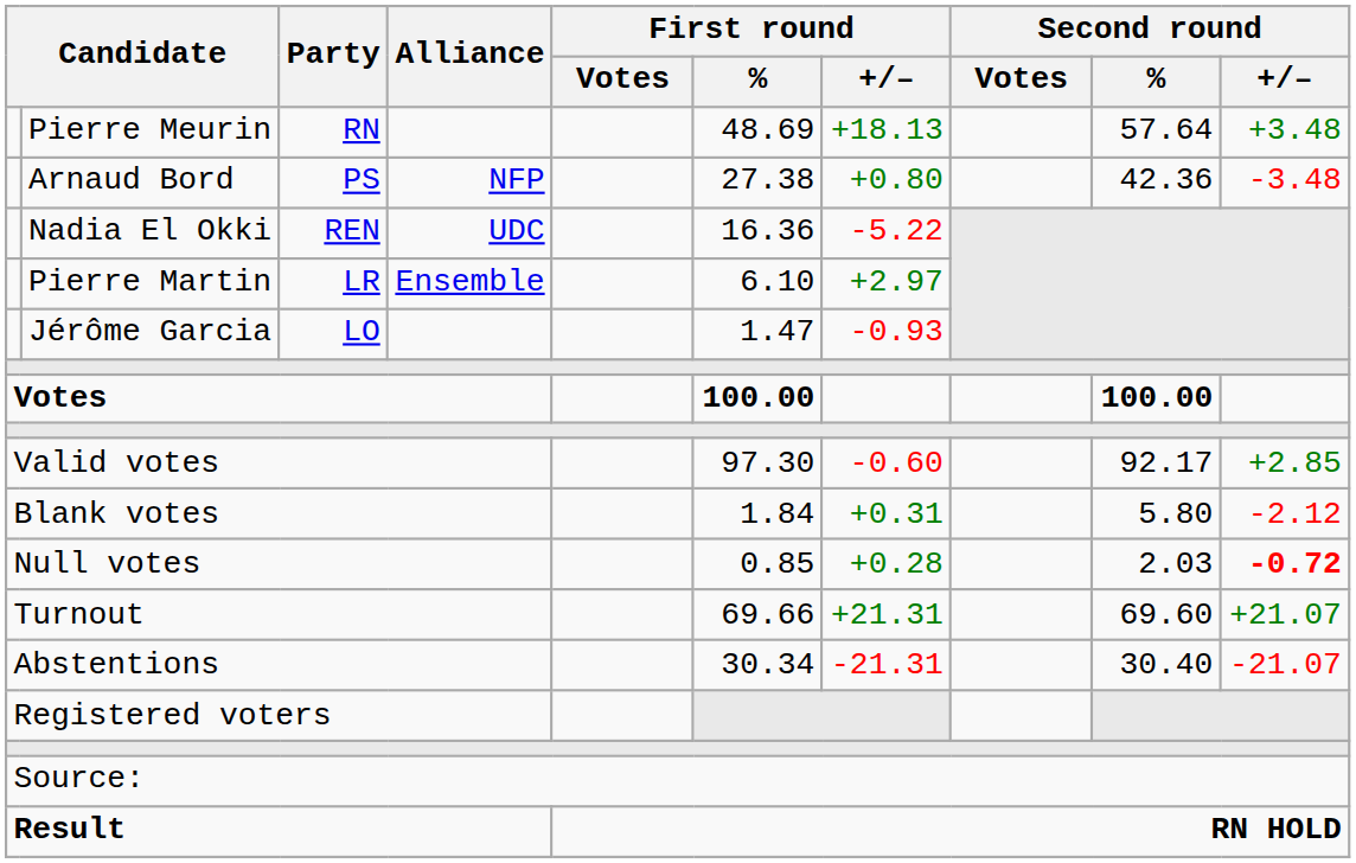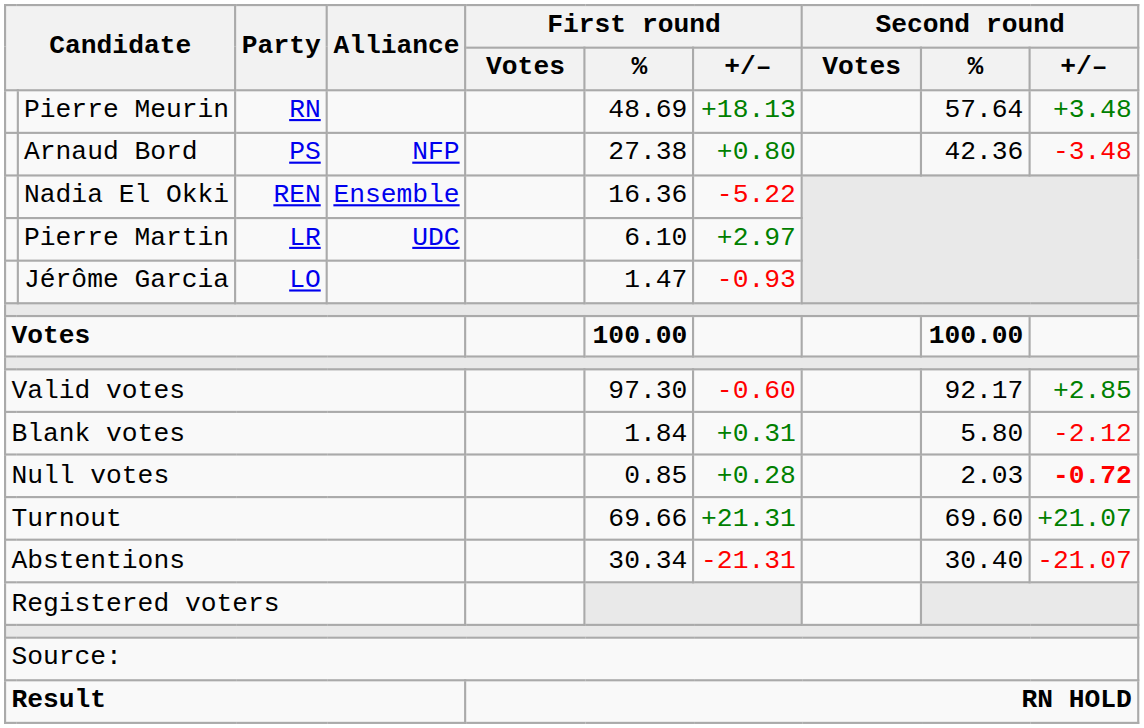 <table class="wikitable" style="text-align:right;font-size:95%;">
 <tr>
 <th rowspan="2" colspan="2">Candidate</th>
 <th colspan="1" rowspan="2">Party</th>
 <th colspan="1" rowspan="2">Alliance</th>
 <th colspan="3">First round</th>
 <th colspan="3">Second round</th>
 </tr>
 <tr>
 <th style="width:50px;">Votes</th>
 <th style="width:45px;">%</th>
 <th style="width:45px;">+/–</th>
 <th style="width:50px;">Votes</th>
 <th style="width:45px;">%</th>
 <th style="width:45px;">+/–</th>
 </tr>
 <tr>
 <td style="color:inherit;background:"></td>
 <td style="text-align:left;">Pierre Meurin</td>
 <td><a href='#'>RN</a></td>
 <td></td>
 <td></td>
 <td>48.69</td>
 <td style="color:green;">+18.13</td>
 <td></td>
 <td>57.64</td>
 <td style="color:green;">+3.48</td>
 </tr>
 <tr>
 <td style="color:inherit;background:"></td>
 <td style="text-align:left;">Arnaud Bord</td>
 <td><a href='#'>PS</a></td>
 <td><a href='#'>NFP</a></td>
 <td></td>
 <td>27.38</td>
 <td style="color:green;">+0.80</td>
 <td></td>
 <td>42.36</td>
 <td style="color:red;">-3.48</td>
 </tr>
 <tr>
 <td style="color:inherit;background:"></td>
 <td style="text-align:left;">Nadia El Okki</td>
 <td><a href='#'>REN</a></td>
-<td><a href='#'>UDC</a></td>
+<td><a href='#'>Ensemble</a></td>
 <td></td>
 <td>16.36</td>
 <td style="color:red;">-5.22</td>
 <td colspan="3" rowspan="3" style="background:#E9E9E9;"></td>
 </tr>
 <tr>
 <td style="color:inherit;background:"></td>
 <td style="text-align:left;">Pierre Martin</td>
 <td><a href='#'>LR</a></td>
-<td><a href='#'>Ensemble</a></td>
+<td><a href='#'>UDC</a></td>
 <td></td>
 <td>6.10</td>
 <td style="color:green;">+2.97</td>
 </tr>
 <tr>
 <td style="color:inherit;background:"></td>
 <td style="text-align:left;">Jérôme Garcia</td>
 <td><a href='#'>LO</a></td>
 <td></td>
 <td></td>
 <td>1.47</td>
 <td style="color:red;">-0.93</td>
 </tr>
 <tr>
 <td colspan="10" style="background:#E9E9E9;"></td>
 </tr>
 <tr style="font-weight:bold;">
 <td colspan="4" style="text-align:left;">Votes</td>
 <td></td>
 <td>100.00</td>
 <td></td>
 <td></td>
 <td>100.00</td>
 <td></td>
 </tr>
 <tr>
 <td colspan="10" style="background:#E9E9E9;"></td>
 </tr>
 <tr>
 <td colspan="4" style="text-align:left;">Valid votes</td>
 <td></td>
 <td>97.30</td>
 <td style="color:red;">-0.60</td>
 <td></td>
 <td>92.17</td>
 <td style="color:green;">+2.85</td>
 </tr>
 <tr>
 <td colspan="4" style="text-align:left;">Blank votes</td>
 <td></td>
 <td>1.84</td>
 <td style="color:green;">+0.31</td>
 <td></td>
 <td>5.80</td>
 <td style="color:red;">-2.12</td>
 </tr>
 <tr>
 <td colspan="4" style="text-align:left;">Null votes</td>
 <td></td>
 <td>0.85</td>
 <td style="color:green;">+0.28</td>
 <td></td>
 <td>2.03</td>
 <td style="color:red;"><strong>-0.72</strong></td>
 </tr>
 <tr>
 <td colspan="4" style="text-align:left;">Turnout</td>
 <td></td>
 <td>69.66</td>
 <td style="color:green;">+21.31</td>
 <td></td>
 <td>69.60</td>
 <td style="color:green;">+21.07</td>
 </tr>
 <tr>
 <td colspan="4" style="text-align:left;">Abstentions</td>
 <td></td>
 <td>30.34</td>
 <td style="color:red;">-21.31</td>
 <td></td>
 <td>30.40</td>
 <td style="color:red;">-21.07</td>
 </tr>
 <tr>
 <td colspan="4" style="text-align:left;">Registered voters</td>
 <td></td>
 <td colspan="2" style="background:#E9E9E9;"></td>
 <td></td>
 <td colspan="2" style="background:#E9E9E9;"></td>
 </tr>
 <tr>
 <td colspan="10" style="background:#E9E9E9;"></td>
 </tr>
 <tr>
 <td colspan="10" style="text-align:left;">Source: </td>
 </tr>
 <tr style="font-weight:bold">
 <td colspan="4" style="text-align:left;">Result</td>
 <td colspan="6" style="background-color:">RN HOLD</td>
 </tr>
 </table>
